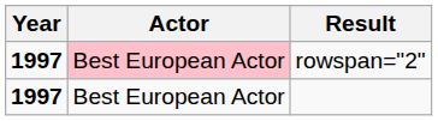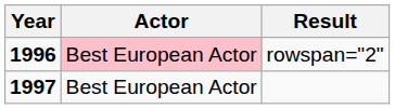 <table class="wikitable">
 <tr>
 <th>Year</th>
 <th>Actor</th>
 <th>Result</th>
 </tr>
 <tr>
-<td><strong>1997</strong></td>
+<td><strong>1996</strong></td>
 <td style="background: pink;">Best European Actor</td>
 <td>rowspan="2" </td>
 </tr>
 <tr>
 <td><strong>1997</strong></td>
 <td>Best European Actor</td>
 </tr>
 </table>
